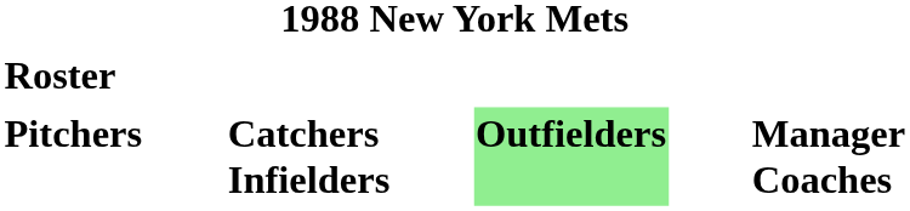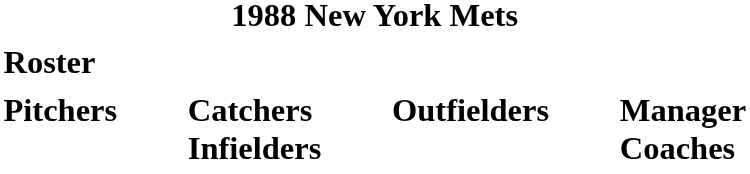 <table class="toccolours" style="font-size: 95%;">
 <tr>
 <th colspan="10">1988 New York Mets</th>
 </tr>
 <tr>
 <td colspan="10"><strong>Roster</strong></td>
 </tr>
 <tr>
 <td valign="top"><strong>Pitchers</strong><br>              </td>
 <td width="25px"></td>
 <td valign="top"><strong>Catchers</strong><br>   <strong>Infielders</strong>        </td>
 <td width="25px"></td>
-<td valign="top" style="background: lightgreen;"><strong>Outfielders</strong><br>     </td>
+<td valign="top"><strong>Outfielders</strong><br>     </td>
 <td width="25px"></td>
 <td valign="top"><strong>Manager</strong><br> <strong>Coaches</strong>     </td>
 </tr>
 </table>
